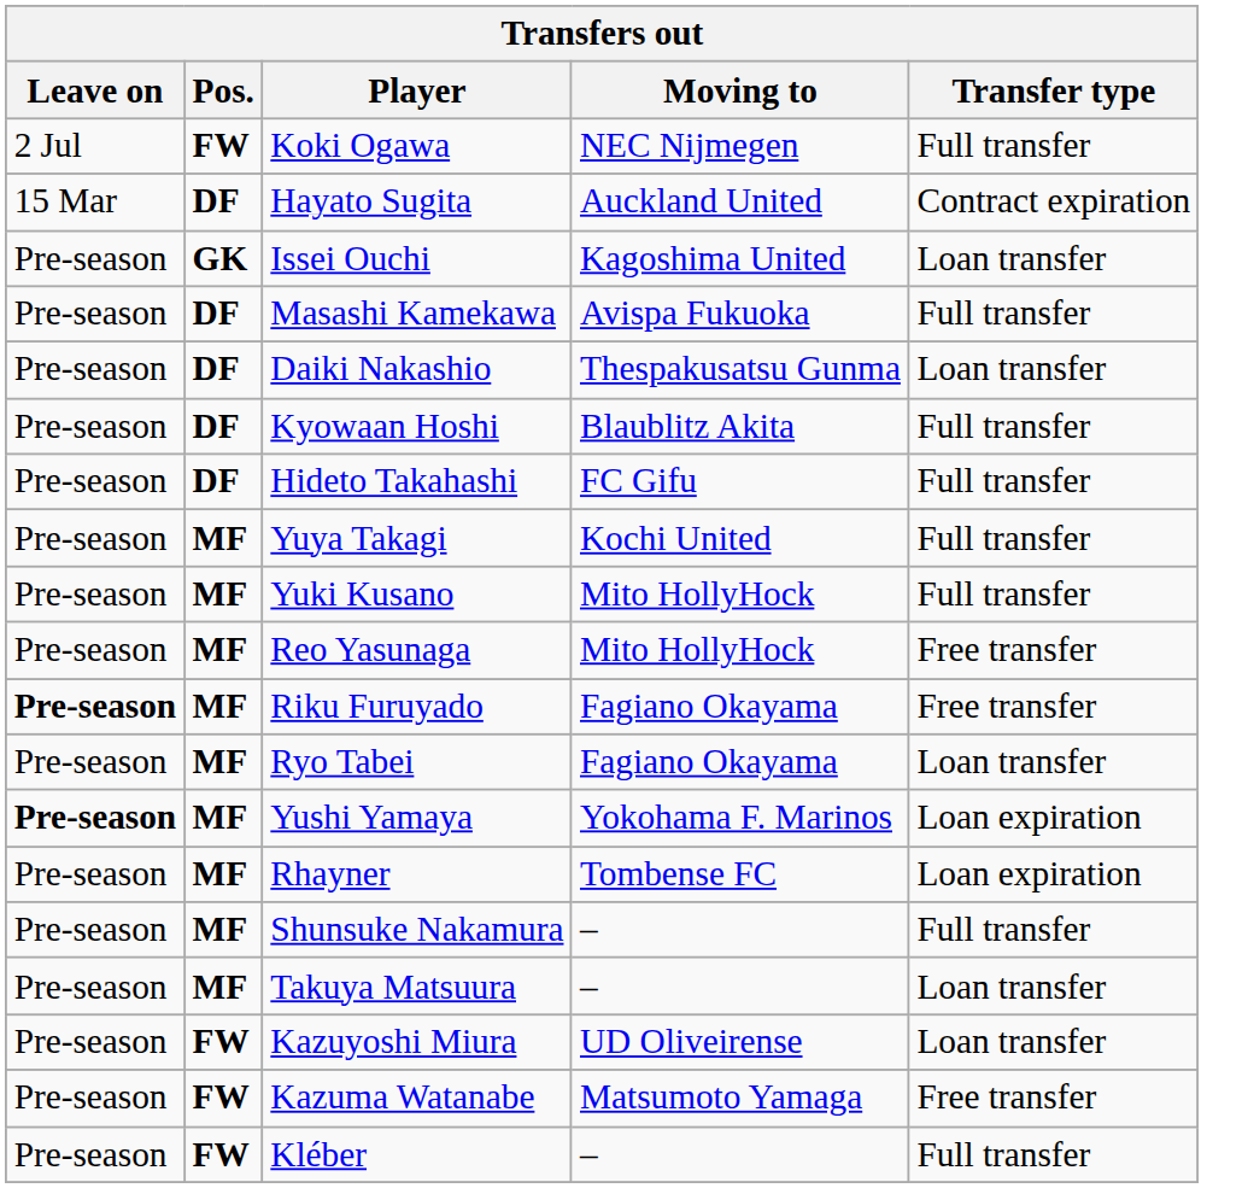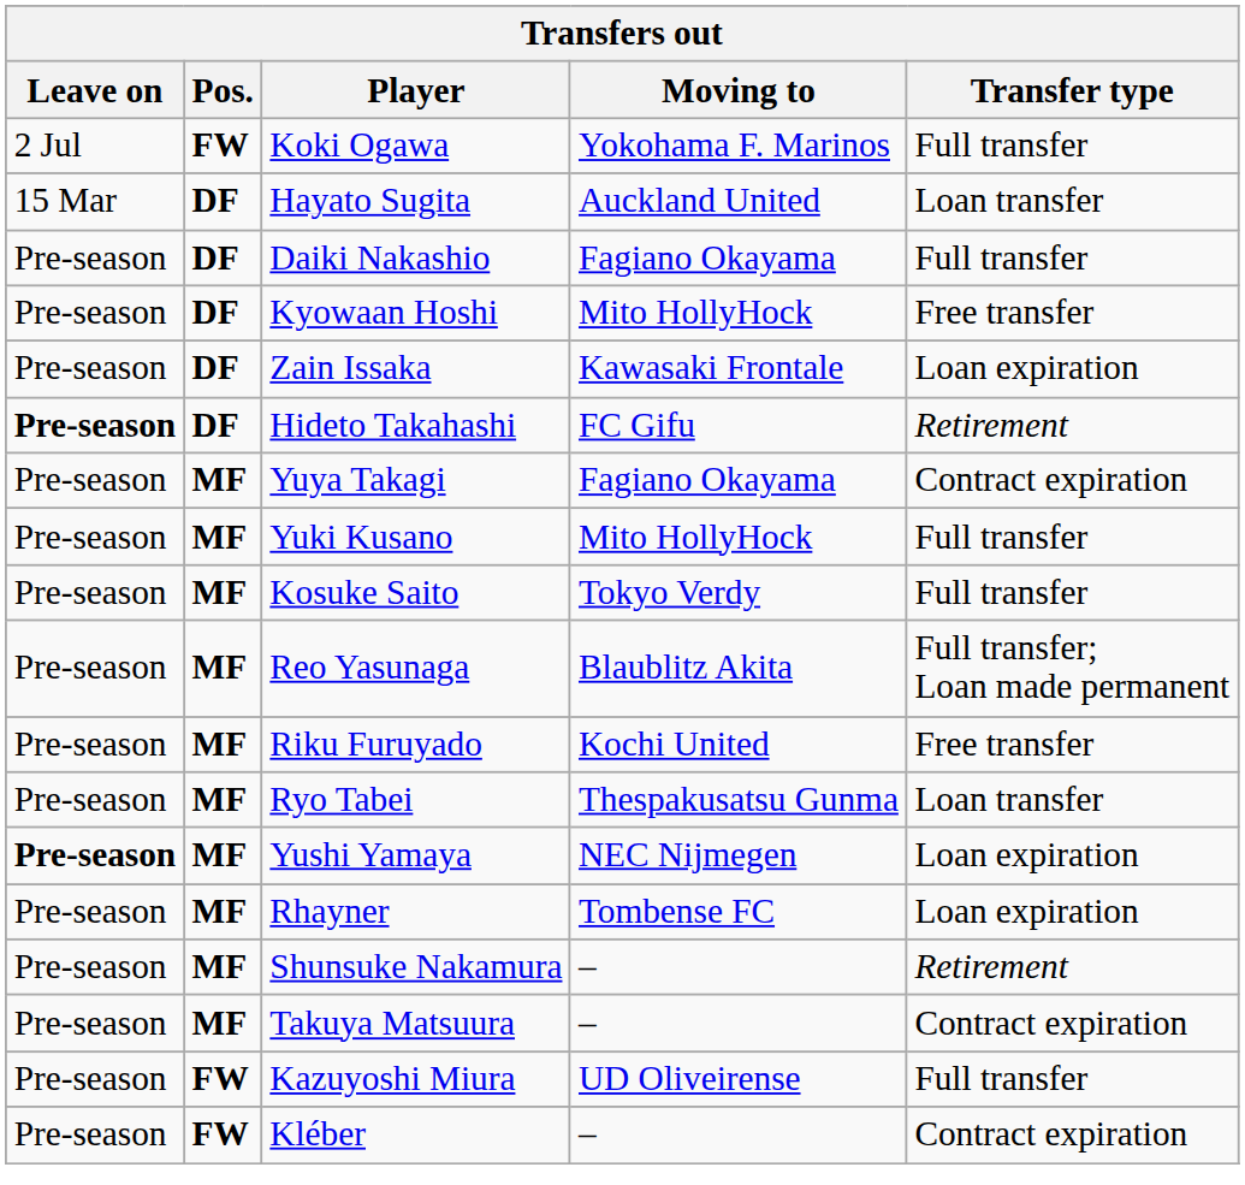 <table class="wikitable sortable" style=“text-align:left;>
 <tr>
 <th colspan="5">Transfers out</th>
 </tr>
 <tr>
 <th>Leave on</th>
 <th>Pos.</th>
 <th>Player</th>
 <th>Moving to</th>
 <th>Transfer type</th>
 </tr>
 <tr>
 <td>2 Jul</td>
 <td><strong>FW</strong></td>
 <td> <a href='#'>Koki Ogawa</a></td>
-<td> <a href='#'>NEC Nijmegen</a></td>
+<td> <a href='#'>Yokohama F. Marinos</a></td>
 <td>Full transfer</td>
 </tr>
 <tr>
 <td>15 Mar</td>
 <td><strong>DF</strong></td>
 <td> <a href='#'>Hayato Sugita</a></td>
 <td> <a href='#'>Auckland United</a></td>
-<td>Contract expiration</td>
-</tr>
-<tr>
-<td>Pre-season</td>
-<td><strong>GK</strong></td>
-<td> <a href='#'>Issei Ouchi</a></td>
-<td> <a href='#'>Kagoshima United</a></td>
 <td>Loan transfer</td>
 </tr>
 <tr>
 <td>Pre-season</td>
 <td><strong>DF</strong></td>
-<td> <a href='#'>Masashi Kamekawa</a></td>
-<td> <a href='#'>Avispa Fukuoka</a></td>
+<td> <a href='#'>Daiki Nakashio</a></td>
+<td> <a href='#'>Fagiano Okayama</a></td>
 <td>Full transfer</td>
 </tr>
 <tr>
 <td>Pre-season</td>
 <td><strong>DF</strong></td>
-<td> <a href='#'>Daiki Nakashio</a></td>
-<td> <a href='#'>Thespakusatsu Gunma</a></td>
-<td>Loan transfer</td>
+<td> <a href='#'>Kyowaan Hoshi</a></td>
+<td> <a href='#'>Mito HollyHock</a></td>
+<td>Free transfer</td>
 </tr>
 <tr>
 <td>Pre-season</td>
 <td><strong>DF</strong></td>
-<td> <a href='#'>Kyowaan Hoshi</a></td>
-<td> <a href='#'>Blaublitz Akita</a></td>
-<td>Full transfer</td>
+<td> <a href='#'>Zain Issaka</a></td>
+<td> <a href='#'>Kawasaki Frontale</a></td>
+<td>Loan expiration</td>
 </tr>
 <tr>
-<td>Pre-season</td>
+<td><strong>Pre-season</strong></td>
 <td><strong>DF</strong></td>
 <td> <a href='#'>Hideto Takahashi</a></td>
 <td> <a href='#'>FC Gifu</a></td>
-<td>Full transfer</td>
+<td><em>Retirement</em></td>
 </tr>
 <tr>
 <td>Pre-season</td>
 <td><strong>MF</strong></td>
 <td> <a href='#'>Yuya Takagi</a></td>
-<td> <a href='#'>Kochi United</a></td>
-<td>Full transfer</td>
+<td> <a href='#'>Fagiano Okayama</a></td>
+<td>Contract expiration</td>
 </tr>
 <tr>
 <td>Pre-season</td>
 <td><strong>MF</strong></td>
 <td> <a href='#'>Yuki Kusano</a></td>
 <td> <a href='#'>Mito HollyHock</a></td>
 <td>Full transfer</td>
 </tr>
 <tr>
 <td>Pre-season</td>
 <td><strong>MF</strong></td>
-<td> <a href='#'>Reo Yasunaga</a></td>
-<td> <a href='#'>Mito HollyHock</a></td>
-<td>Free transfer</td>
+<td> <a href='#'>Kosuke Saito</a></td>
+<td> <a href='#'>Tokyo Verdy</a></td>
+<td>Full transfer</td>
 </tr>
 <tr>
-<td><strong>Pre-season</strong></td>
+<td>Pre-season</td>
+<td><strong>MF</strong></td>
+<td> <a href='#'>Reo Yasunaga</a></td>
+<td> <a href='#'>Blaublitz Akita</a></td>
+<td>Full transfer;<br> Loan made permanent</td>
+</tr>
+<tr>
+<td>Pre-season</td>
 <td><strong>MF</strong></td>
 <td> <a href='#'>Riku Furuyado</a></td>
-<td> <a href='#'>Fagiano Okayama</a></td>
+<td> <a href='#'>Kochi United</a></td>
 <td>Free transfer</td>
 </tr>
 <tr>
 <td>Pre-season</td>
 <td><strong>MF</strong></td>
 <td> <a href='#'>Ryo Tabei</a></td>
-<td> <a href='#'>Fagiano Okayama</a></td>
+<td> <a href='#'>Thespakusatsu Gunma</a></td>
 <td>Loan transfer</td>
 </tr>
 <tr>
 <td><strong>Pre-season</strong></td>
 <td><strong>MF</strong></td>
 <td> <a href='#'>Yushi Yamaya</a></td>
-<td> <a href='#'>Yokohama F. Marinos</a></td>
+<td> <a href='#'>NEC Nijmegen</a></td>
 <td>Loan expiration</td>
 </tr>
 <tr>
 <td>Pre-season</td>
 <td><strong>MF</strong></td>
 <td> <a href='#'>Rhayner</a></td>
 <td> <a href='#'>Tombense FC</a></td>
 <td>Loan expiration</td>
 </tr>
 <tr>
 <td>Pre-season</td>
 <td><strong>MF</strong></td>
 <td> <a href='#'>Shunsuke Nakamura</a></td>
 <td>–</td>
-<td>Full transfer</td>
+<td><em>Retirement</em></td>
 </tr>
 <tr>
 <td>Pre-season</td>
 <td><strong>MF</strong></td>
 <td> <a href='#'>Takuya Matsuura</a></td>
 <td>–</td>
-<td>Loan transfer</td>
+<td>Contract expiration</td>
 </tr>
 <tr>
 <td>Pre-season</td>
 <td><strong>FW</strong></td>
 <td> <a href='#'>Kazuyoshi Miura</a></td>
 <td> <a href='#'>UD Oliveirense</a></td>
-<td>Loan transfer</td>
-</tr>
-<tr>
-<td>Pre-season</td>
-<td><strong>FW</strong></td>
-<td> <a href='#'>Kazuma Watanabe</a></td>
-<td> <a href='#'>Matsumoto Yamaga</a></td>
-<td>Free transfer</td>
+<td>Full transfer</td>
 </tr>
 <tr>
 <td>Pre-season</td>
 <td><strong>FW</strong></td>
 <td> <a href='#'>Kléber</a></td>
 <td>–</td>
-<td>Full transfer</td>
+<td>Contract expiration</td>
 </tr>
 <tr>
 </tr>
 </table>
